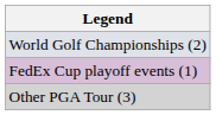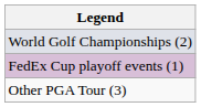 <table class="wikitable" style="font-size:95%;">
 <tr>
 <th>Legend</th>
 </tr>
 <tr style="background:#dfe2e9;">
 <td>World Golf Championships (2)</td>
 </tr>
 <tr style="background:#D8BFD8;">
 <td>FedEx Cup playoff events (1)</td>
 </tr>
 <tr>
-<td style="background: lightgrey;">Other PGA Tour (3)</td>
+<td>Other PGA Tour (3)</td>
 </tr>
 </table>
